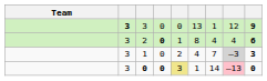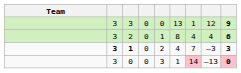 <table class="wikitable" style="text-align: center;">
 <tr>
 <th width=165>Team</th>
 <th width=20></th>
 <th width=20></th>
 <th width=20></th>
 <th width=20></th>
 <th width=20></th>
 <th width=20></th>
 <th width=26></th>
 <th width=20></th>
 </tr>
 <tr bgcolor="#D0F0C0">
 <td style="text-align:left;"></td>
-<td><strong>3</strong></td>
+<td>3</td>
 <td>3</td>
 <td>0</td>
 <td>0</td>
 <td>13</td>
 <td>1</td>
 <td>12</td>
 <td><strong>9</strong></td>
 </tr>
 <tr bgcolor="#D0F0C0">
 <td style="text-align:left;"></td>
 <td>3</td>
 <td>2</td>
-<td><strong>0</strong></td>
+<td>0</td>
 <td>1</td>
 <td>8</td>
 <td>4</td>
 <td>4</td>
 <td><strong>6</strong></td>
 </tr>
 <tr>
 <td style="text-align:left;"></td>
-<td>3</td>
-<td>1</td>
+<td><strong>3</strong></td>
+<td><strong>1</strong></td>
 <td>0</td>
 <td>2</td>
 <td>4</td>
 <td>7</td>
-<td style="background: lightgrey;">–3</td>
+<td>–3</td>
 <td><strong>3</strong></td>
 </tr>
 <tr>
 <td style="text-align:left;"></td>
 <td>3</td>
-<td><strong>0</strong></td>
-<td><strong>0</strong></td>
-<td style="background: khaki;">3</td>
+<td>0</td>
+<td>0</td>
+<td>3</td>
 <td>1</td>
-<td>14</td>
-<td style="background: pink;">–13</td>
-<td><strong>0</strong></td>
+<td style="background: pink;">14</td>
+<td>–13</td>
+<td style="background: pink;"><strong>0</strong></td>
 </tr>
 </table>
